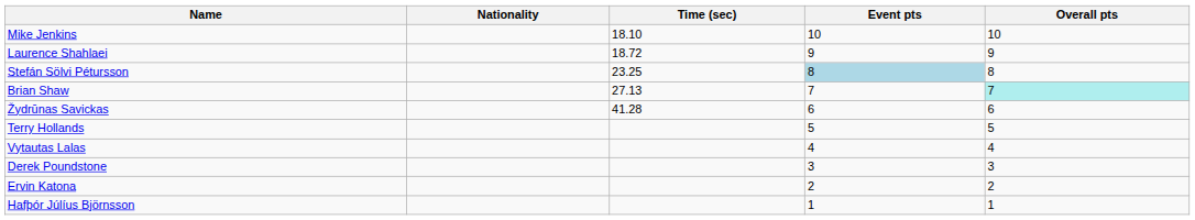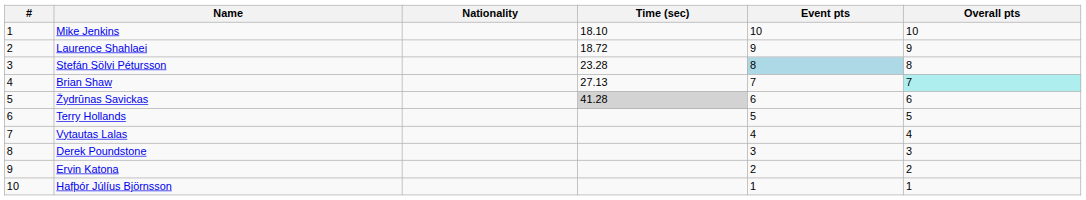 <table class="wikitable sortable" style="display: inline-table;width: 100%;">
 <tr>
+<th>#</th>
 <th>Name</th>
 <th>Nationality</th>
 <th>Time (sec)</th>
 <th>Event pts</th>
 <th>Overall pts</th>
 </tr>
 <tr>
+<td>1</td>
 <td><a href='#'>Mike Jenkins</a></td>
 <td></td>
 <td>18.10</td>
 <td>10</td>
 <td>10</td>
 </tr>
 <tr>
+<td>2</td>
 <td><a href='#'>Laurence Shahlaei</a></td>
 <td></td>
 <td>18.72</td>
 <td>9</td>
 <td>9</td>
 </tr>
 <tr>
+<td>3</td>
 <td><a href='#'>Stefán Sölvi Pétursson</a></td>
 <td></td>
-<td>23.25</td>
+<td>23.28</td>
 <td style="background: lightblue;">8</td>
 <td>8</td>
 </tr>
 <tr>
+<td>4</td>
 <td><a href='#'>Brian Shaw</a></td>
 <td></td>
 <td>27.13</td>
 <td>7</td>
 <td style="background: paleturquoise;">7</td>
 </tr>
 <tr>
+<td>5</td>
 <td><a href='#'>Žydrūnas Savickas</a></td>
 <td></td>
-<td>41.28</td>
+<td style="background: lightgrey;">41.28</td>
 <td>6</td>
 <td>6</td>
 </tr>
 <tr>
+<td>6</td>
 <td><a href='#'>Terry Hollands</a></td>
 <td></td>
 <td></td>
 <td>5</td>
 <td>5</td>
 </tr>
 <tr>
+<td>7</td>
 <td><a href='#'>Vytautas Lalas</a></td>
 <td></td>
 <td></td>
 <td>4</td>
 <td>4</td>
 </tr>
 <tr>
+<td>8</td>
 <td><a href='#'>Derek Poundstone</a></td>
 <td></td>
 <td></td>
 <td>3</td>
 <td>3</td>
 </tr>
 <tr>
+<td>9</td>
 <td><a href='#'>Ervin Katona</a></td>
 <td></td>
 <td></td>
 <td>2</td>
 <td>2</td>
 </tr>
 <tr>
+<td>10</td>
 <td><a href='#'>Hafþór Júlíus Björnsson</a></td>
 <td></td>
 <td></td>
 <td>1</td>
 <td>1</td>
 </tr>
 </table>
